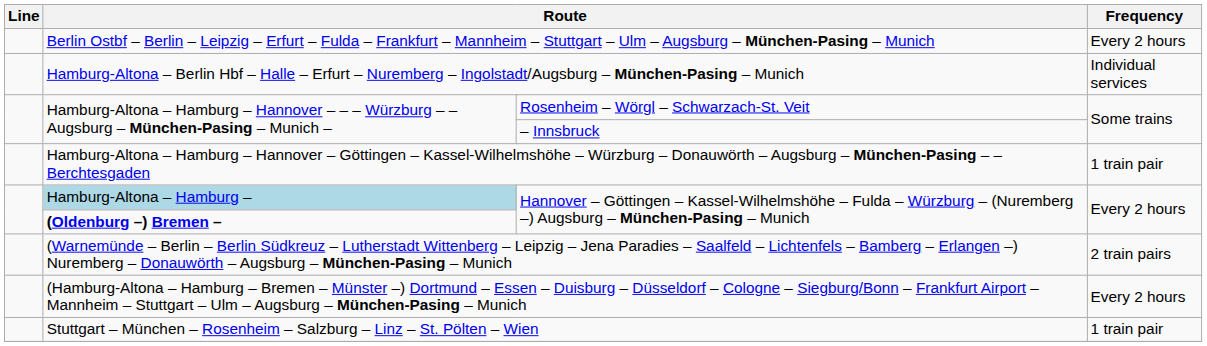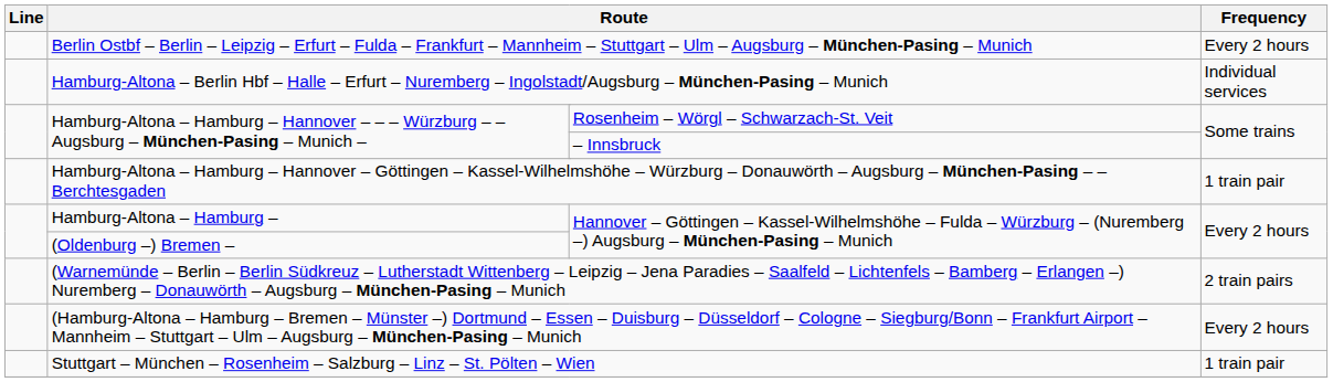 <table class="wikitable">
 <tr class="hintergrundfarbe5">
 <th>Line</th>
 <th colspan="3">Route</th>
 <th>Frequency</th>
 </tr>
 <tr>
 <td align="center"></td>
 <td colspan="3"><a href='#'>Berlin Ostbf</a> – <a href='#'>Berlin</a> – <a href='#'>Leipzig</a> – <a href='#'>Erfurt</a> – <a href='#'>Fulda</a> – <a href='#'>Frankfurt</a> – <a href='#'>Mannheim</a> – <a href='#'>Stuttgart</a> – <a href='#'>Ulm</a> – <a href='#'>Augsburg</a> – <strong>München-Pasing</strong> – <a href='#'>Munich</a></td>
 <td>Every 2 hours</td>
 </tr>
 <tr>
 <td align="center"></td>
 <td colspan="3"><a href='#'>Hamburg-Altona</a> – Berlin Hbf – <a href='#'>Halle</a> – Erfurt – <a href='#'>Nuremberg</a> – <a href='#'>Ingolstadt</a>/Augsburg – <strong>München-Pasing</strong> – Munich</td>
 <td>Individual services</td>
 </tr>
 <tr>
 <td rowspan=2></td>
 <td rowspan=2 colspan=2>Hamburg-Altona – Hamburg – <a href='#'>Hannover</a> –  –  – <a href='#'>Würzburg</a> –  – Augsburg – <strong>München-Pasing</strong> – Munich –</td>
 <td><a href='#'>Rosenheim</a> – <a href='#'>Wörgl</a> – <a href='#'>Schwarzach-St. Veit</a></td>
 <td rowspan=2>Some trains</td>
 </tr>
 <tr>
 <td> – <a href='#'>Innsbruck</a></td>
 </tr>
 <tr>
 <td></td>
 <td colspan=3>Hamburg-Altona – Hamburg – Hannover – Göttingen – Kassel-Wilhelmshöhe – Würzburg – Donauwörth – Augsburg – <strong>München-Pasing</strong> –  – <a href='#'>Berchtesgaden</a></td>
 <td>1 train pair</td>
 </tr>
 <tr>
 <td rowspan="2" align="center"></td>
-<td style="background: lightblue;">Hamburg-Altona – <a href='#'>Hamburg</a> –</td>
+<td>Hamburg-Altona – <a href='#'>Hamburg</a> –</td>
 <td rowspan="2" colspan="2"><a href='#'>Hannover</a> – Göttingen – Kassel-Wilhelmshöhe – Fulda – <a href='#'>Würzburg</a> – (Nuremberg –) Augsburg – <strong>München-Pasing</strong> – Munich</td>
 <td rowspan="2">Every 2 hours</td>
 </tr>
 <tr>
-<td><strong>(<a href='#'>Oldenburg</a> –) <a href='#'>Bremen</a> –</strong></td>
+<td>(<a href='#'>Oldenburg</a> –) <a href='#'>Bremen</a> –</td>
 </tr>
 <tr>
 <td align="center"></td>
 <td colspan="3">(<a href='#'>Warnemünde</a> – Berlin – <a href='#'>Berlin Südkreuz</a> – <a href='#'>Lutherstadt Wittenberg</a> – Leipzig – Jena Paradies – <a href='#'>Saalfeld</a> – <a href='#'>Lichtenfels</a> – <a href='#'>Bamberg</a> – <a href='#'>Erlangen</a>  –) Nuremberg – <a href='#'>Donauwörth</a> – Augsburg – <strong>München-Pasing</strong> – Munich</td>
 <td>2 train pairs</td>
 </tr>
 <tr>
 <td align="center"></td>
 <td colspan="3">(Hamburg-Altona – Hamburg – Bremen – <a href='#'>Münster</a> –) <a href='#'>Dortmund</a> – <a href='#'>Essen</a> – <a href='#'>Duisburg</a> – <a href='#'>Düsseldorf</a> – <a href='#'>Cologne</a> – <a href='#'>Siegburg/Bonn</a> – <a href='#'>Frankfurt Airport</a> – Mannheim – Stuttgart – Ulm – Augsburg – <strong>München-Pasing</strong> – Munich</td>
 <td>Every 2 hours</td>
 </tr>
 <tr>
 <td align="center"></td>
 <td colspan="3">Stuttgart – München – <a href='#'>Rosenheim</a> – Salzburg – <a href='#'>Linz</a> – <a href='#'>St. Pölten</a> – <a href='#'>Wien</a></td>
 <td>1 train pair</td>
 </tr>
 <tr>
 </tr>
 </table>
